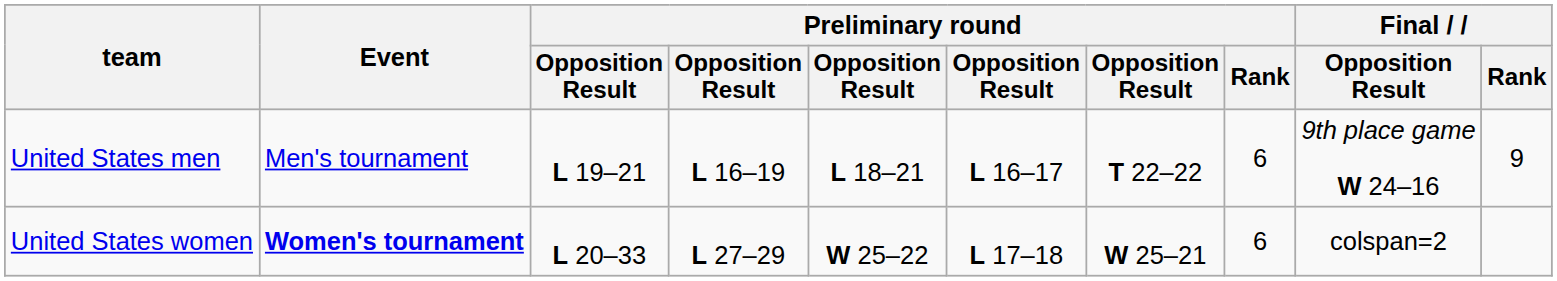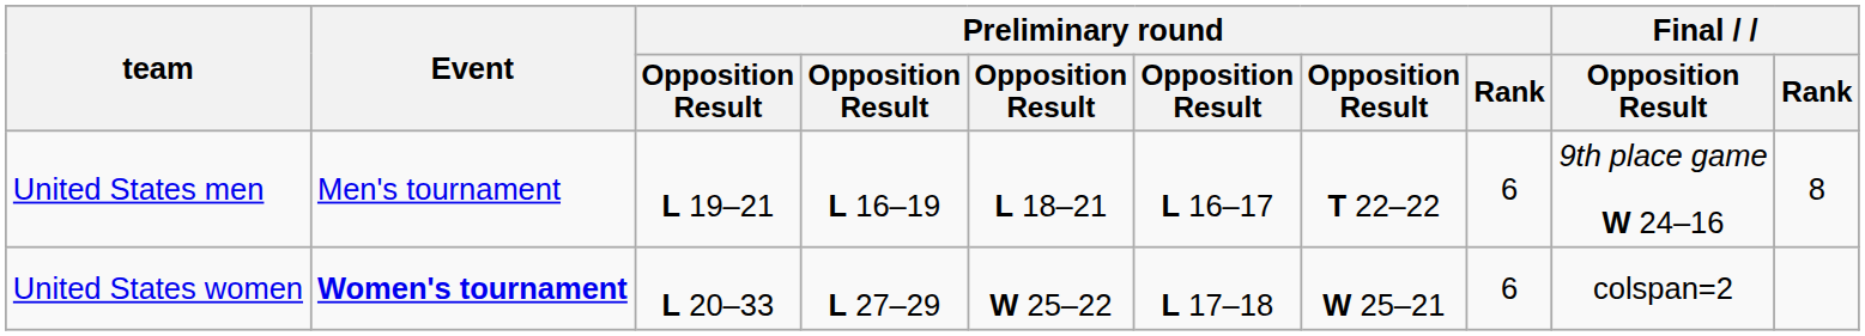 <table class=wikitable style=font-size:90%;text-align:center>
 <tr>
 <th rowspan=2>team</th>
 <th rowspan=2>Event</th>
 <th colspan=6>Preliminary round</th>
 <th colspan=2>Final /  / </th>
 </tr>
 <tr style=font-size:95%>
 <th>Opposition<br>Result</th>
 <th>Opposition<br>Result</th>
 <th>Opposition<br>Result</th>
 <th>Opposition<br>Result</th>
 <th>Opposition<br>Result</th>
 <th>Rank</th>
 <th>Opposition<br>Result</th>
 <th>Rank</th>
 </tr>
 <tr>
 <td align=left><a href='#'>United States men</a></td>
 <td align=left><a href='#'>Men's tournament</a></td>
 <td><br><strong>L</strong> 19–21</td>
 <td><br><strong>L</strong> 16–19</td>
 <td><br><strong>L</strong> 18–21</td>
 <td><br><strong>L</strong> 16–17</td>
 <td><br><strong>T</strong> 22–22</td>
 <td>6</td>
 <td><em>9th place game</em><br><br><strong>W</strong> 24–16</td>
-<td>9</td>
+<td>8</td>
 </tr>
 <tr>
 <td align=left><a href='#'>United States women</a></td>
 <td align=left><strong><a href='#'>Women's tournament</a></strong></td>
 <td><br><strong>L</strong> 20–33</td>
 <td><br><strong>L</strong> 27–29</td>
 <td><br><strong>W</strong> 25–22</td>
 <td><br><strong>L</strong> 17–18</td>
 <td><br><strong>W</strong> 25–21</td>
 <td>6</td>
 <td>colspan=2 </td>
 </tr>
 </table>
